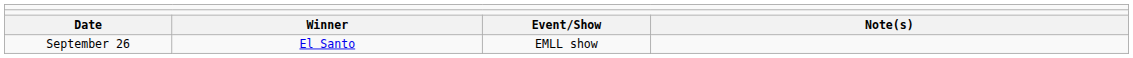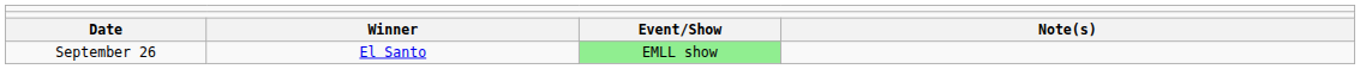 <table class="wikitable" style="text-align:center; width:100%;">
 <tr>
 <td colspan=5></td>
 </tr>
 <tr>
 <td colspan=5><strong></strong></td>
 </tr>
 <tr>
 <th width=14%>Date</th>
 <th width=26%>Winner</th>
 <th width=14%>Event/Show</th>
 <th width=40%>Note(s)</th>
 </tr>
 <tr>
 <td>September 26</td>
 <td><a href='#'>El Santo</a></td>
-<td>EMLL show</td>
+<td style="background: lightgreen;">EMLL show</td>
 <td align=left></td>
 </tr>
 </table>
